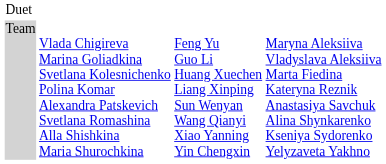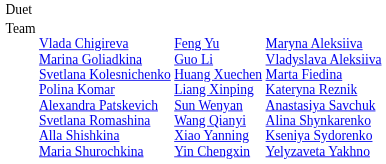 <table>
 <tr valign="top">
 <td>Duet<br></td>
 <td></td>
 <td></td>
 <td></td>
 </tr>
 <tr valign="top">
-<td style="background: lightgrey;">Team<br></td>
+<td>Team<br></td>
 <td><br><a href='#'>Vlada Chigireva</a><br><a href='#'>Marina Goliadkina</a><br><a href='#'>Svetlana Kolesnichenko</a><br><a href='#'>Polina Komar</a><br><a href='#'>Alexandra Patskevich</a><br><a href='#'>Svetlana Romashina</a><br><a href='#'>Alla Shishkina</a><br><a href='#'>Maria Shurochkina</a></td>
 <td><br><a href='#'>Feng Yu</a><br><a href='#'>Guo Li</a><br><a href='#'>Huang Xuechen</a><br><a href='#'>Liang Xinping</a><br><a href='#'>Sun Wenyan</a><br><a href='#'>Wang Qianyi</a><br><a href='#'>Xiao Yanning</a><br><a href='#'>Yin Chengxin</a></td>
 <td><br><a href='#'>Maryna Aleksiiva</a><br><a href='#'>Vladyslava Aleksiiva</a><br><a href='#'>Marta Fiedina</a><br><a href='#'>Kateryna Reznik</a><br><a href='#'>Anastasiya Savchuk</a><br><a href='#'>Alina Shynkarenko</a><br><a href='#'>Kseniya Sydorenko</a><br><a href='#'>Yelyzaveta Yakhno</a></td>
 </tr>
 </table>
